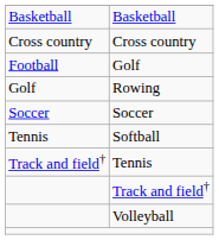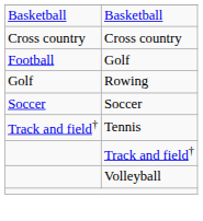 <table class="wikitable" style="float:right; clear:right; margin:0 0 1em 1em;">
 <tr>
 </tr>
 <tr>
 <td><a href='#'>Basketball</a></td>
 <td><a href='#'>Basketball</a></td>
 </tr>
 <tr>
 <td>Cross country</td>
 <td>Cross country</td>
 </tr>
 <tr>
 <td><a href='#'>Football</a></td>
 <td>Golf</td>
 </tr>
 <tr>
 <td>Golf</td>
 <td>Rowing</td>
 </tr>
 <tr>
 <td><a href='#'>Soccer</a></td>
 <td>Soccer</td>
 </tr>
 <tr>
-<td>Tennis</td>
-<td>Softball</td>
-</tr>
-<tr>
 <td><a href='#'>Track and field</a><sup>†</sup></td>
 <td>Tennis</td>
 </tr>
 <tr>
 <td></td>
 <td><a href='#'>Track and field</a><sup>†</sup></td>
 </tr>
 <tr>
 <td></td>
 <td>Volleyball</td>
 </tr>
 <tr>
 <td colspan="2"></td>
 </tr>
 </table>
